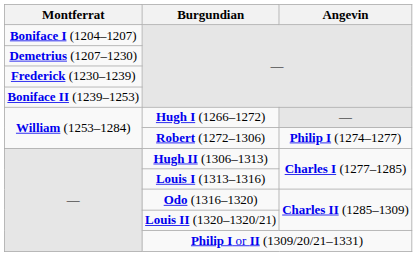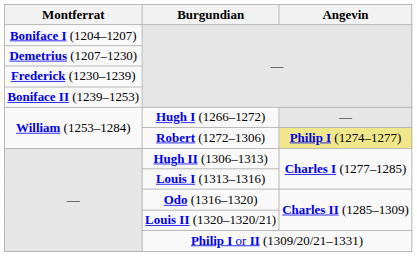 <table class="wikitable">
 <tr>
 <th>Montferrat</th>
 <th>Burgundian</th>
 <th>Angevin</th>
 </tr>
 <tr>
 <td align="center"><strong><a href='#'>Boniface I</a></strong> (1204–1207)</td>
 <td rowspan="4" colspan="2" align="center" style="background:#E6E6E6;">—</td>
 </tr>
 <tr>
 <td align="center"><strong><a href='#'>Demetrius</a></strong> (1207–1230)</td>
 </tr>
 <tr>
 <td align="center"><strong><a href='#'>Frederick</a></strong> (1230–1239)</td>
 </tr>
 <tr>
 <td align="center"><a href='#'><strong>Boniface II</strong></a> (1239–1253)</td>
 </tr>
 <tr>
 <td rowspan="2" align="center"><a href='#'><strong>William</strong></a> (1253–1284)</td>
 <td align="center"><a href='#'><strong>Hugh I</strong></a> (1266–1272)</td>
 <td align="center" style="background:#E6E6E6;">—</td>
 </tr>
 <tr>
 <td align="center"><strong><a href='#'>Robert</a></strong> (1272–1306)</td>
-<td align="center"><strong><a href='#'>Philip I</a></strong> (1274–1277)</td>
+<td align="center" style="background: khaki;"><strong><a href='#'>Philip I</a></strong> (1274–1277)</td>
 </tr>
 <tr>
 <td rowspan="6" align="center" style="background:#E6E6E6;">—</td>
 <td align="center"><a href='#'><strong>Hugh II</strong></a> (1306–1313)</td>
 <td rowspan="2" align="center"><strong><a href='#'>Charles I</a></strong> (1277–1285)</td>
 </tr>
 <tr>
 <td align="center"><a href='#'><strong>Louis I</strong></a> (1313–1316)</td>
 </tr>
 <tr>
 <td align="center"><strong><a href='#'>Odo</a></strong> (1316–1320)</td>
 <td rowspan="2" align="center"><strong><a href='#'>Charles II</a></strong> (1285–1309)</td>
 </tr>
 <tr>
 <td align="center"><strong><a href='#'>Louis II</a></strong> (1320–1320/21)</td>
 </tr>
 <tr>
 <td colspan="2" align="center"><a href='#'><strong>Philip I</strong> or <strong>II</strong></a> (1309/20/21–1331)</td>
 </tr>
 </table>
